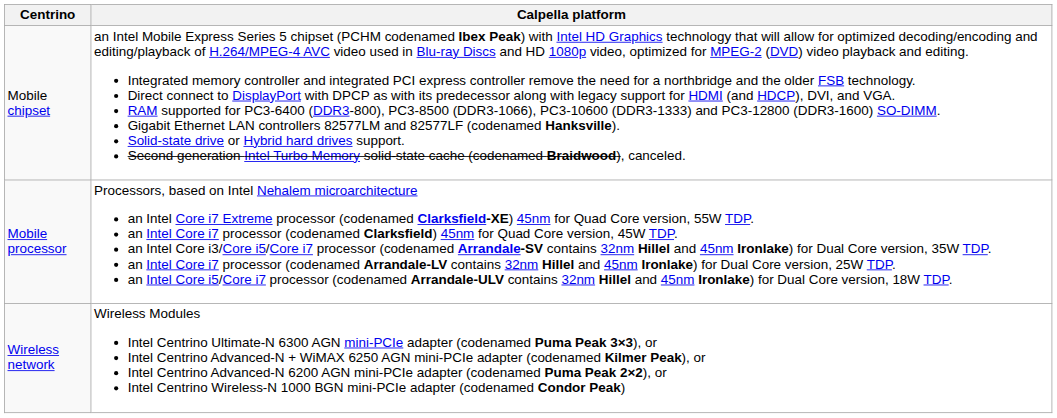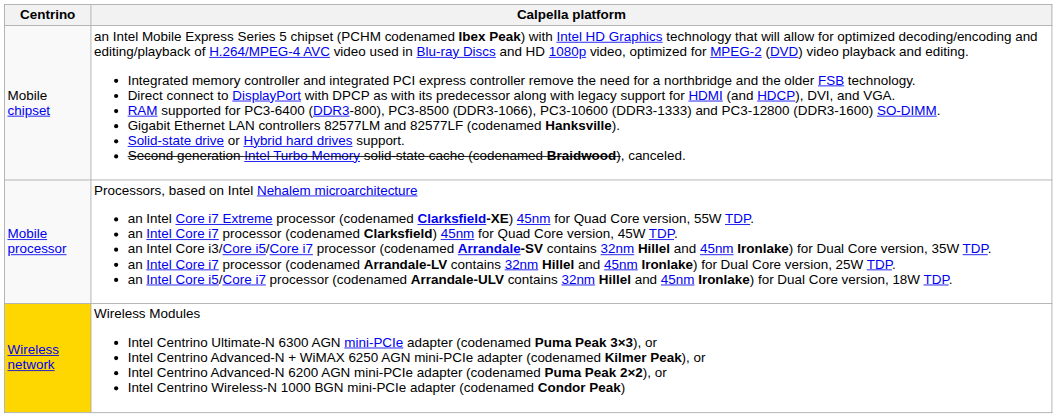 <table class="wikitable">
 <tr>
 <th>Centrino</th>
 <th>Calpella platform</th>
 </tr>
 <tr>
 <td>Mobile <a href='#'>chipset</a></td>
 <td style="background:white">an Intel Mobile Express Series 5 chipset (PCHM codenamed <strong>Ibex Peak</strong>) with <a href='#'>Intel HD Graphics</a> technology that will allow for optimized decoding/encoding and editing/playback of <a href='#'>H.264/MPEG-4 AVC</a> video used in <a href='#'>Blu-ray Discs</a> and HD <a href='#'>1080p</a> video, optimized for <a href='#'>MPEG-2</a> (<a href='#'>DVD</a>) video playback and editing.<br><ul><li>Integrated memory controller and integrated PCI express controller remove the need for a northbridge and the older <a href='#'>FSB</a> technology.</li><li>Direct connect to <a href='#'>DisplayPort</a> with DPCP as with its predecessor along with legacy support for <a href='#'>HDMI</a> (and <a href='#'>HDCP</a>), DVI, and VGA.</li><li><a href='#'>RAM</a> supported for PC3-6400 (<a href='#'>DDR3</a>-800), PC3-8500 (DDR3-1066), PC3-10600 (DDR3-1333) and PC3-12800 (DDR3-1600) <a href='#'>SO-DIMM</a>.</li><li>Gigabit Ethernet LAN controllers 82577LM and 82577LF (codenamed <strong>Hanksville</strong>).</li><li><a href='#'>Solid-state drive</a> or <a href='#'>Hybrid hard drives</a> support.</li><li><del>Second generation <a href='#'>Intel Turbo Memory</a> solid-state cache (codenamed <strong>Braidwood</strong>)</del>, canceled.</li></ul></td>
 </tr>
 <tr>
 <td><a href='#'>Mobile processor</a></td>
 <td style="background:white">Processors, based on Intel <a href='#'>Nehalem microarchitecture</a><br><ul><li>an Intel <a href='#'>Core i7 Extreme</a> processor (codenamed <strong><a href='#'>Clarksfield</a>-XE</strong>) <a href='#'>45nm</a> for Quad Core version, 55W <a href='#'>TDP</a>.</li><li>an <a href='#'>Intel Core i7</a> processor (codenamed <strong>Clarksfield</strong>) <a href='#'>45nm</a> for Quad Core version, 45W <a href='#'>TDP</a>.</li><li>an Intel Core i3/<a href='#'>Core i5</a>/<a href='#'>Core i7</a> processor (codenamed <strong><a href='#'>Arrandale</a>-SV</strong> contains <a href='#'>32nm</a> <strong>Hillel</strong> and <a href='#'>45nm</a> <strong>Ironlake</strong>) for Dual Core version, 35W <a href='#'>TDP</a>.</li><li>an <a href='#'>Intel Core i7</a> processor (codenamed <strong>Arrandale-LV</strong> contains <a href='#'>32nm</a> <strong>Hillel</strong> and <a href='#'>45nm</a> <strong>Ironlake</strong>) for Dual Core version, 25W <a href='#'>TDP</a>.</li><li>an <a href='#'>Intel Core i5</a>/<a href='#'>Core i7</a> processor (codenamed <strong>Arrandale-ULV</strong> contains <a href='#'>32nm</a> <strong>Hillel</strong> and <a href='#'>45nm</a> <strong>Ironlake</strong>) for Dual Core version, 18W <a href='#'>TDP</a>.</li></ul></td>
 </tr>
 <tr>
-<td><a href='#'>Wireless network</a></td>
+<td style="background: gold;"><a href='#'>Wireless network</a></td>
 <td style="background:white">Wireless Modules<br><ul><li>Intel Centrino Ultimate-N 6300 AGN <a href='#'>mini-PCIe</a> adapter (codenamed <strong>Puma Peak 3×3</strong>), or</li><li>Intel Centrino Advanced-N + WiMAX 6250 AGN mini-PCIe adapter (codenamed <strong>Kilmer Peak</strong>), or</li><li>Intel Centrino Advanced-N 6200 AGN mini-PCIe adapter (codenamed <strong>Puma Peak 2×2</strong>), or</li><li>Intel Centrino Wireless-N 1000 BGN mini-PCIe adapter (codenamed <strong>Condor Peak</strong>)</li></ul></td>
 </tr>
 </table>
